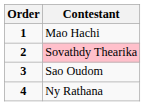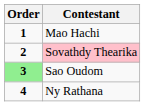 <table class="wikitable">
 <tr>
 <th>Order</th>
 <th>Contestant</th>
 </tr>
 <tr>
 <td align="center"><strong>1</strong></td>
 <td>Mao Hachi</td>
 </tr>
 <tr>
 <td align="center"><strong>2</strong></td>
 <td style="background:pink">Sovathdy Thearika</td>
 </tr>
 <tr>
-<td align="center"><strong>3</strong></td>
+<td align="center" style="background: lightgreen;"><strong>3</strong></td>
 <td>Sao Oudom</td>
 </tr>
 <tr>
 <td align="center"><strong>4</strong></td>
 <td>Ny Rathana</td>
 </tr>
 </table>
